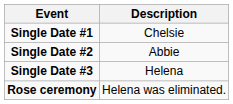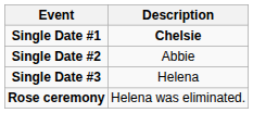 <table class="wikitable sortable" style="text-align:center;">
 <tr>
 <th>Event</th>
 <th>Description</th>
 </tr>
 <tr>
 <td><strong>Single Date #1</strong></td>
-<td>Chelsie</td>
+<td><strong>Chelsie</strong></td>
 </tr>
 <tr>
 <td><strong>Single Date #2</strong></td>
 <td>Abbie</td>
 </tr>
 <tr>
 <td><strong>Single Date #3</strong></td>
 <td>Helena</td>
 </tr>
 <tr>
 <td><strong>Rose ceremony</strong></td>
 <td>Helena was eliminated.</td>
 </tr>
 </table>
